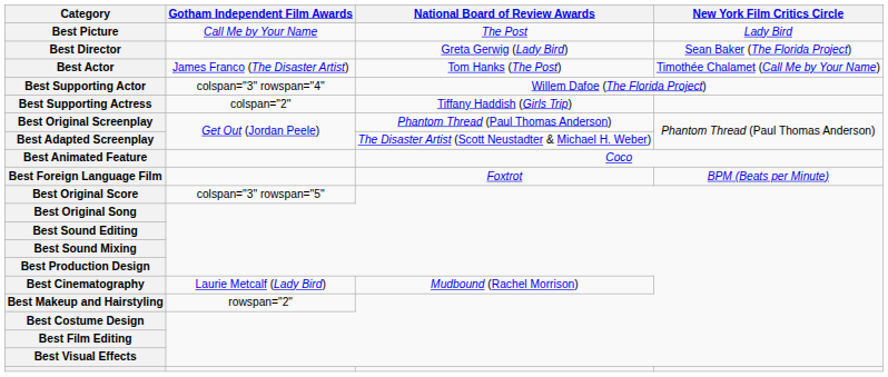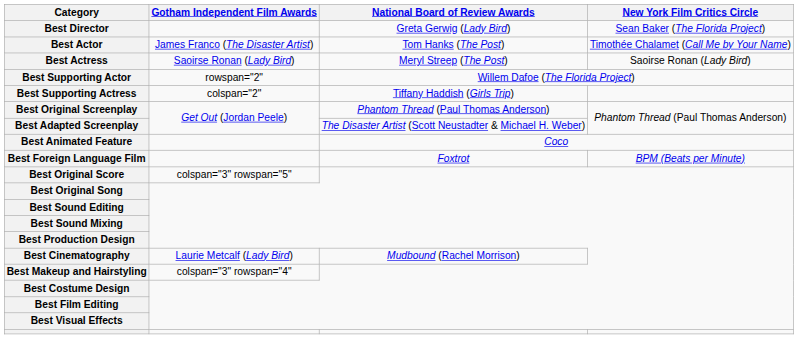 <table class="wikitable" style="text-align:center">
 <tr>
 <th>Category</th>
 <th><a href='#'>Gotham Independent Film Awards</a></th>
 <th><a href='#'>National Board of Review Awards</a></th>
 <th><a href='#'>New York Film Critics Circle</a></th>
-</tr>
-<tr>
-<th scope="row">Best Picture</th>
-<td><em><a href='#'>Call Me by Your Name</a></em></td>
-<td><em><a href='#'>The Post</a></em></td>
-<td><em><a href='#'>Lady Bird</a></em></td>
 </tr>
 <tr>
 <th scope="row">Best Director</th>
 <td></td>
 <td><a href='#'>Greta Gerwig</a> (<em><a href='#'>Lady Bird</a></em>)</td>
 <td><a href='#'>Sean Baker</a> (<em><a href='#'>The Florida Project</a></em>)</td>
 </tr>
 <tr>
 <th scope="row">Best Actor</th>
 <td><a href='#'>James Franco</a> (<em><a href='#'>The Disaster Artist</a></em>)</td>
 <td><a href='#'>Tom Hanks</a> (<em><a href='#'>The Post</a></em>)</td>
 <td><a href='#'>Timothée Chalamet</a> (<em><a href='#'>Call Me by Your Name</a></em>)</td>
 </tr>
 <tr>
+<th scope="row">Best Actress</th>
+<td><a href='#'>Saoirse Ronan</a> (<em><a href='#'>Lady Bird</a></em>)</td>
+<td><a href='#'>Meryl Streep</a> (<em><a href='#'>The Post</a></em>)</td>
+<td>Saoirse Ronan (<em>Lady Bird</em>)</td>
+</tr>
+<tr>
 <th scope="row">Best Supporting Actor</th>
-<td>colspan="3" rowspan="4" </td>
+<td>rowspan="2" </td>
 <td colspan="2"><a href='#'>Willem Dafoe</a> (<em><a href='#'>The Florida Project</a></em>)</td>
 </tr>
 <tr>
 <th scope="row">Best Supporting Actress</th>
 <td>colspan="2" </td>
 <td><a href='#'>Tiffany Haddish</a> (<em><a href='#'>Girls Trip</a></em>)</td>
 </tr>
 <tr>
 <th scope="row">Best Original Screenplay</th>
 <td rowspan="2"><em><a href='#'>Get Out</a></em> (<a href='#'>Jordan Peele</a>)</td>
 <td><em><a href='#'>Phantom Thread</a></em> (<a href='#'>Paul Thomas Anderson</a>)</td>
 <td rowspan="2"><em>Phantom Thread</em> (Paul Thomas Anderson)</td>
 </tr>
 <tr>
 <th scope="row">Best Adapted Screenplay</th>
 <td><em><a href='#'>The Disaster Artist</a></em> (<a href='#'>Scott Neustadter</a> & <a href='#'>Michael H. Weber</a>)</td>
 </tr>
 <tr>
 <th scope="row">Best Animated Feature</th>
 <td></td>
 <td colspan="2"><em><a href='#'>Coco</a></em></td>
 </tr>
 <tr>
 <th scope="row">Best Foreign Language Film</th>
 <td></td>
 <td><em><a href='#'>Foxtrot</a></em></td>
 <td><em><a href='#'>BPM (Beats per Minute)</a></em></td>
 </tr>
 <tr>
 <th scope="row">Best Original Score</th>
 <td>colspan="3" rowspan="5" </td>
 </tr>
 <tr>
 <th scope="row">Best Original Song</th>
 </tr>
 <tr>
 <th scope="row">Best Sound Editing</th>
 </tr>
 <tr>
 <th scope="row">Best Sound Mixing</th>
 </tr>
 <tr>
 <th scope="row">Best Production Design</th>
 </tr>
 <tr>
 <th scope="row">Best Cinematography</th>
 <td><a href='#'>Laurie Metcalf</a> (<em><a href='#'>Lady Bird</a></em>)</td>
 <td><em><a href='#'>Mudbound</a></em> (<a href='#'>Rachel Morrison</a>)</td>
 </tr>
 <tr>
 <th scope="row">Best Makeup and Hairstyling</th>
-<td>rowspan="2" </td>
+<td>colspan="3" rowspan="4" </td>
 </tr>
 <tr>
 <th scope="row">Best Costume Design</th>
 </tr>
 <tr>
 <th scope="row">Best Film Editing</th>
 </tr>
 <tr>
 <th scope="row">Best Visual Effects</th>
 </tr>
 <tr>
 <th scope="row"></th>
 <td></td>
 <td></td>
 <td></td>
 </tr>
 </table>
